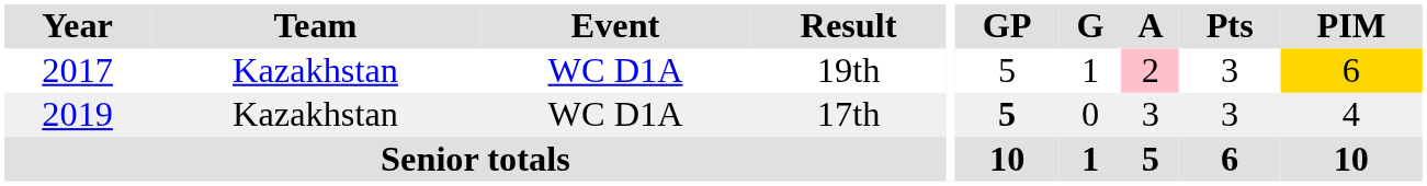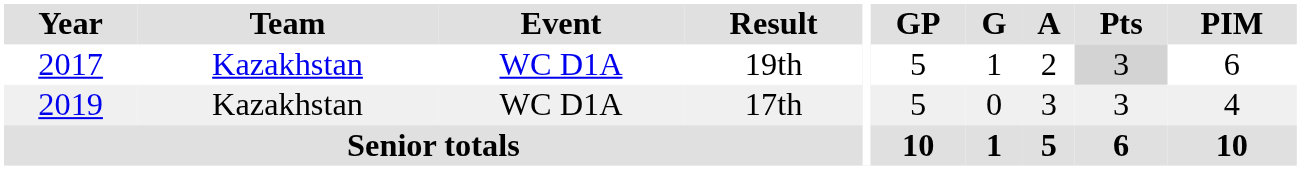 <table border="0" cellpadding="1" cellspacing="0" ID="Table3" style="text-align:center; width:40em">
 <tr ALIGN="center" bgcolor="#e0e0e0">
 <th>Year</th>
 <th>Team</th>
 <th>Event</th>
 <th>Result</th>
 <th rowspan="99" bgcolor="#ffffff"></th>
 <th>GP</th>
 <th>G</th>
 <th>A</th>
 <th>Pts</th>
 <th>PIM</th>
 </tr>
 <tr>
 <td><a href='#'>2017</a></td>
 <td><a href='#'>Kazakhstan</a></td>
 <td><a href='#'>WC D1A</a></td>
 <td>19th</td>
 <td>5</td>
 <td>1</td>
-<td style="background: pink;">2</td>
-<td>3</td>
-<td style="background: gold;">6</td>
+<td>2</td>
+<td style="background: lightgrey;">3</td>
+<td>6</td>
 </tr>
 <tr bgcolor="#f0f0f0">
 <td><a href='#'>2019</a></td>
 <td>Kazakhstan</td>
 <td>WC D1A</td>
 <td>17th</td>
-<td><strong>5</strong></td>
+<td>5</td>
 <td>0</td>
 <td>3</td>
 <td>3</td>
 <td>4</td>
 </tr>
 <tr bgcolor="#e0e0e0">
 <th colspan="4">Senior totals</th>
 <th>10</th>
 <th>1</th>
 <th>5</th>
 <th>6</th>
 <th>10</th>
 </tr>
 </table>
